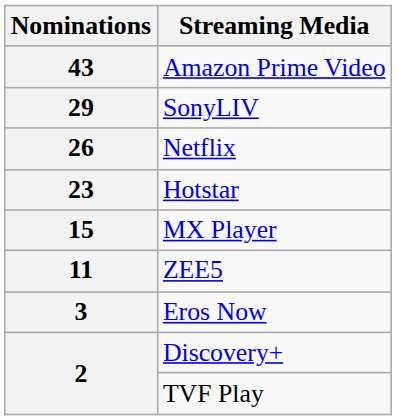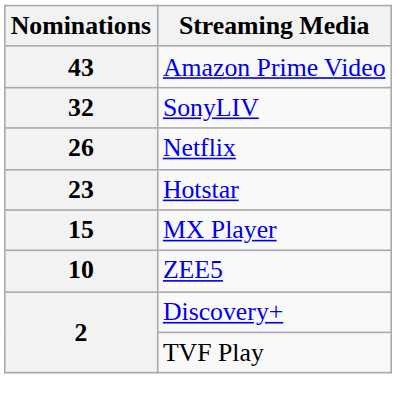 <table class="wikitable" style="display:inline-table;">
 <tr>
 <th>Nominations</th>
 <th>Streaming Media</th>
 </tr>
 <tr>
 <th>43</th>
 <td><a href='#'>Amazon Prime Video</a></td>
 </tr>
 <tr>
-<th>29</th>
+<th>32</th>
 <td><a href='#'>SonyLIV</a></td>
 </tr>
 <tr>
 <th>26</th>
 <td><a href='#'>Netflix</a></td>
 </tr>
 <tr>
 <th>23</th>
 <td><a href='#'>Hotstar</a></td>
 </tr>
 <tr>
 <th>15</th>
 <td><a href='#'>MX Player</a></td>
 </tr>
 <tr>
-<th>11</th>
+<th>10</th>
 <td><a href='#'>ZEE5</a></td>
-</tr>
-<tr>
-<th>3</th>
-<td><a href='#'>Eros Now</a></td>
 </tr>
 <tr>
 <th rowspan="2">2</th>
 <td><a href='#'>Discovery+</a></td>
 </tr>
 <tr>
 <td>TVF Play</td>
 </tr>
 </table>
